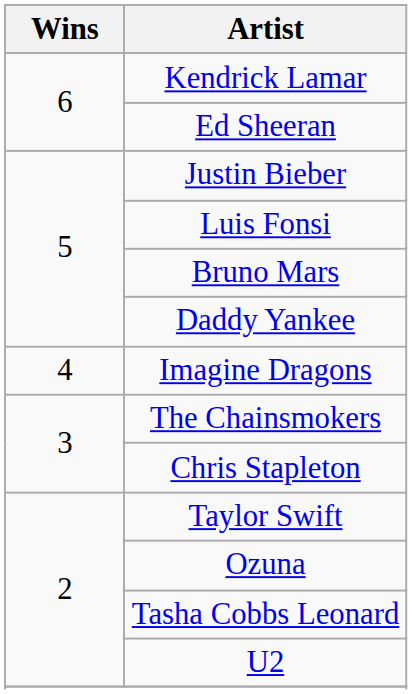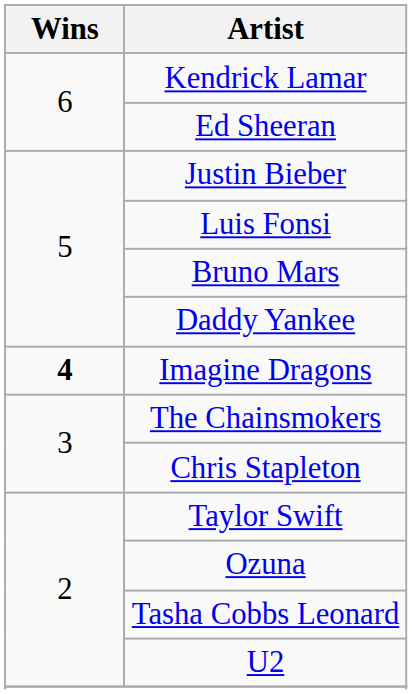 <table class="wikitable" rowspan="2" style="text-align:center;">
 <tr>
 <th scope="col" style="width:55px;">Wins</th>
 <th scope="col" style="text-align:center;">Artist</th>
 </tr>
 <tr>
 <td rowspan="2" style="text-align:center">6</td>
 <td><a href='#'>Kendrick Lamar</a></td>
 </tr>
 <tr>
 <td><a href='#'>Ed Sheeran</a></td>
 </tr>
 <tr>
 <td rowspan="4" style="text-align:center">5</td>
 <td><a href='#'>Justin Bieber</a></td>
 </tr>
 <tr>
 <td><a href='#'>Luis Fonsi</a></td>
 </tr>
 <tr>
 <td><a href='#'>Bruno Mars</a></td>
 </tr>
 <tr>
 <td><a href='#'>Daddy Yankee</a></td>
 </tr>
 <tr>
-<td style="text-align:center">4</td>
+<td style="text-align:center"><strong>4</strong></td>
 <td><a href='#'>Imagine Dragons</a></td>
 </tr>
 <tr>
 <td rowspan="2" style="text-align:center">3</td>
 <td><a href='#'>The Chainsmokers</a></td>
 </tr>
 <tr>
 <td><a href='#'>Chris Stapleton</a></td>
 </tr>
 <tr>
 <td rowspan="4" style="text-align:center">2</td>
 <td><a href='#'>Taylor Swift</a></td>
 </tr>
 <tr>
 <td><a href='#'>Ozuna</a></td>
 </tr>
 <tr>
 <td><a href='#'>Tasha Cobbs Leonard</a></td>
 </tr>
 <tr>
 <td><a href='#'>U2</a></td>
 </tr>
 <tr>
 </tr>
 <tr>
 </tr>
 </table>
